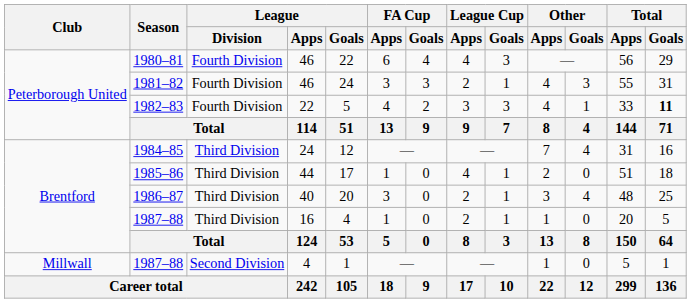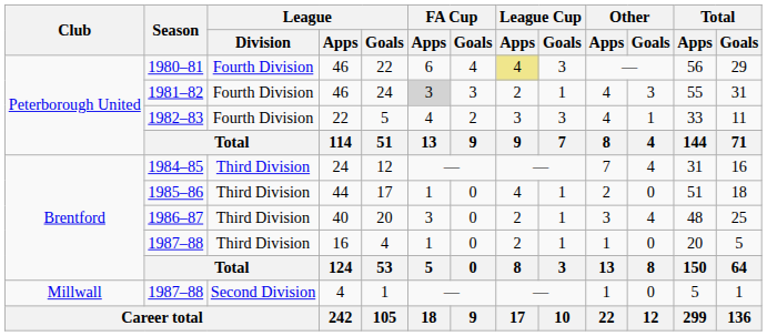 <table class="wikitable" style="text-align: center;">
 <tr>
 <th rowspan="2">Club</th>
 <th rowspan="2">Season</th>
 <th colspan="3">League</th>
 <th colspan="2">FA Cup</th>
 <th colspan="2">League Cup</th>
 <th colspan="2">Other</th>
 <th colspan="2">Total</th>
 </tr>
 <tr>
 <th>Division</th>
 <th>Apps</th>
 <th>Goals</th>
 <th>Apps</th>
 <th>Goals</th>
 <th>Apps</th>
 <th>Goals</th>
 <th>Apps</th>
 <th>Goals</th>
 <th>Apps</th>
 <th>Goals</th>
 </tr>
 <tr>
 <td rowspan="4"><a href='#'>Peterborough United</a></td>
 <td><a href='#'>1980–81</a></td>
 <td><a href='#'>Fourth Division</a></td>
 <td>46</td>
 <td>22</td>
 <td>6</td>
 <td>4</td>
-<td>4</td>
+<td style="background: khaki;">4</td>
 <td>3</td>
 <td colspan="2">—</td>
 <td>56</td>
 <td>29</td>
 </tr>
 <tr>
 <td><a href='#'>1981–82</a></td>
 <td>Fourth Division</td>
 <td>46</td>
 <td>24</td>
-<td>3</td>
+<td style="background: lightgrey;">3</td>
 <td>3</td>
 <td>2</td>
 <td>1</td>
 <td>4</td>
 <td>3</td>
 <td>55</td>
 <td>31</td>
 </tr>
 <tr>
 <td><a href='#'>1982–83</a></td>
 <td>Fourth Division</td>
 <td>22</td>
 <td>5</td>
 <td>4</td>
 <td>2</td>
 <td>3</td>
 <td>3</td>
 <td>4</td>
 <td>1</td>
 <td>33</td>
-<td><strong>11</strong></td>
+<td>11</td>
 </tr>
 <tr>
 <th colspan="2">Total</th>
 <th>114</th>
 <th>51</th>
 <th>13</th>
 <th>9</th>
 <th>9</th>
 <th>7</th>
 <th>8</th>
 <th>4</th>
 <th>144</th>
 <th>71</th>
 </tr>
 <tr>
 <td rowspan="5"><a href='#'>Brentford</a></td>
 <td><a href='#'>1984–85</a></td>
 <td><a href='#'>Third Division</a></td>
 <td>24</td>
 <td>12</td>
 <td colspan="2">—</td>
 <td colspan="2">—</td>
 <td>7</td>
 <td>4</td>
 <td>31</td>
 <td>16</td>
 </tr>
 <tr>
 <td><a href='#'>1985–86</a></td>
 <td>Third Division</td>
 <td>44</td>
 <td>17</td>
 <td>1</td>
 <td>0</td>
 <td>4</td>
 <td>1</td>
 <td>2</td>
 <td>0</td>
 <td>51</td>
 <td>18</td>
 </tr>
 <tr>
 <td><a href='#'>1986–87</a></td>
 <td>Third Division</td>
 <td>40</td>
 <td>20</td>
 <td>3</td>
 <td>0</td>
 <td>2</td>
 <td>1</td>
 <td>3</td>
 <td>4</td>
 <td>48</td>
 <td>25</td>
 </tr>
 <tr>
 <td><a href='#'>1987–88</a></td>
 <td>Third Division</td>
 <td>16</td>
 <td>4</td>
 <td>1</td>
 <td>0</td>
 <td>2</td>
 <td>1</td>
 <td>1</td>
 <td>0</td>
 <td>20</td>
 <td>5</td>
 </tr>
 <tr>
 <th colspan="2">Total</th>
 <th>124</th>
 <th>53</th>
 <th>5</th>
 <th>0</th>
 <th>8</th>
 <th>3</th>
 <th>13</th>
 <th>8</th>
 <th>150</th>
 <th>64</th>
 </tr>
 <tr>
 <td><a href='#'>Millwall</a></td>
 <td><a href='#'>1987–88</a></td>
 <td><a href='#'>Second Division</a></td>
 <td>4</td>
 <td>1</td>
 <td colspan="2">—</td>
 <td colspan="2">—</td>
 <td>1</td>
 <td>0</td>
 <td>5</td>
 <td>1</td>
 </tr>
 <tr>
 <th colspan="3">Career total</th>
 <th>242</th>
 <th>105</th>
 <th>18</th>
 <th>9</th>
 <th>17</th>
 <th>10</th>
 <th>22</th>
 <th>12</th>
 <th>299</th>
 <th>136</th>
 </tr>
 </table>
